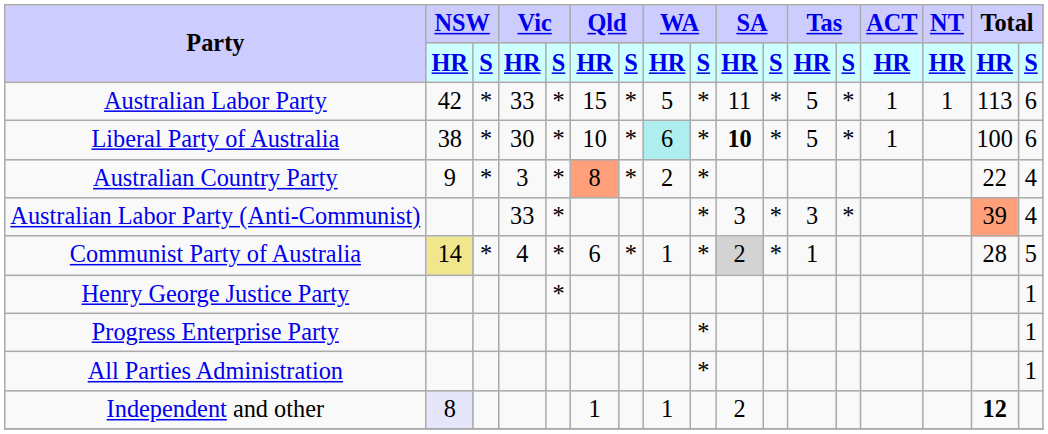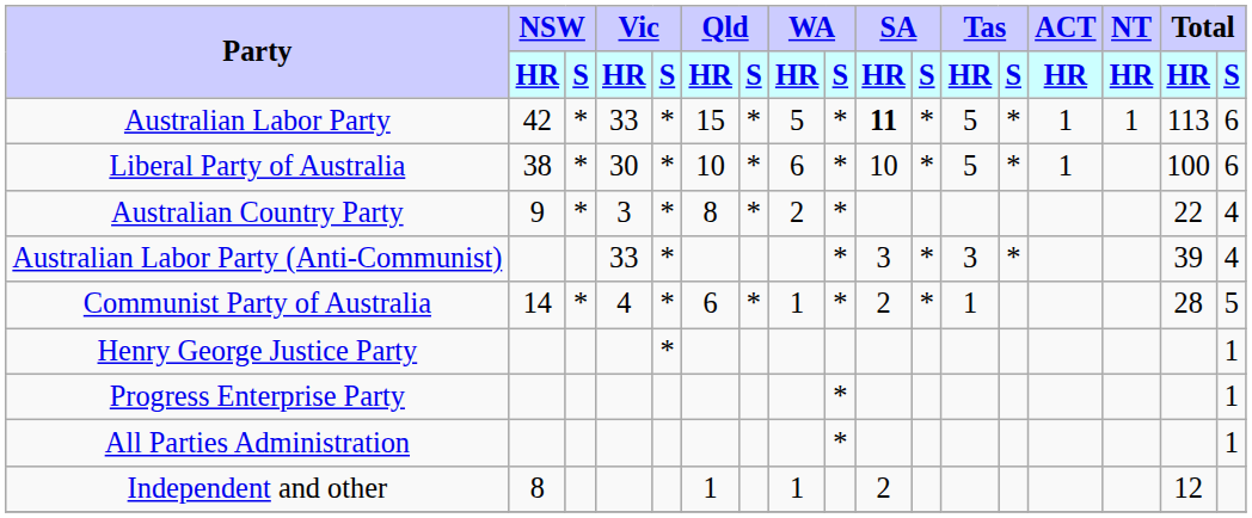 <table class="wikitable" style="text-align:center">
 <tr>
 <th rowspan="2" style="background:#ccf;">Party</th>
 <th colspan="2" style="background:#ccf;"><a href='#'>NSW</a></th>
 <th colspan="2" style="background:#ccf;"><a href='#'>Vic</a></th>
 <th colspan="2" style="background:#ccf;"><a href='#'>Qld</a></th>
 <th colspan="2" style="background:#ccf;"><a href='#'>WA</a></th>
 <th colspan="2" style="background:#ccf;"><a href='#'>SA</a></th>
 <th colspan="2" style="background:#ccf;"><a href='#'>Tas</a></th>
 <th style="background:#ccf;"><a href='#'>ACT</a></th>
 <th style="background:#ccf;"><a href='#'>NT</a></th>
 <th colspan="2" style="background:#ccf;">Total</th>
 </tr>
 <tr>
 <th style="background:#ccffff;"><a href='#'>HR</a></th>
 <th style="background:#ccffff;"><a href='#'>S</a></th>
 <th style="background:#ccffff;"><a href='#'>HR</a></th>
 <th style="background:#ccffff;"><a href='#'>S</a></th>
 <th style="background:#ccffff;"><a href='#'>HR</a></th>
 <th style="background:#ccffff;"><a href='#'>S</a></th>
 <th style="background:#ccffff;"><a href='#'>HR</a></th>
 <th style="background:#ccffff;"><a href='#'>S</a></th>
 <th style="background:#ccffff;"><a href='#'>HR</a></th>
 <th style="background:#ccffff;"><a href='#'>S</a></th>
 <th style="background:#ccffff;"><a href='#'>HR</a></th>
 <th style="background:#ccffff;"><a href='#'>S</a></th>
 <th style="background:#ccffff;"><a href='#'>HR</a></th>
 <th style="background:#ccffff;"><a href='#'>HR</a></th>
 <th style="background:#ccffff;"><a href='#'>HR</a></th>
 <th style="background:#ccffff;"><a href='#'>S</a></th>
 </tr>
 <tr>
 <td style="font-size:100%;"><a href='#'>Australian Labor Party</a></td>
 <td>42</td>
 <td>*</td>
 <td>33</td>
 <td>*</td>
 <td>15</td>
 <td>*</td>
 <td>5</td>
 <td>*</td>
-<td>11</td>
+<td><strong>11</strong></td>
 <td>*</td>
 <td>5</td>
 <td>*</td>
 <td>1</td>
 <td>1</td>
 <td>113</td>
 <td>6</td>
 </tr>
 <tr>
 <td style="font-size:100%;"><a href='#'>Liberal Party of Australia</a></td>
 <td>38</td>
 <td>*</td>
 <td>30</td>
 <td>*</td>
 <td>10</td>
 <td>*</td>
-<td style="background: paleturquoise;">6</td>
+<td>6</td>
 <td>*</td>
-<td><strong>10</strong></td>
+<td>10</td>
 <td>*</td>
 <td>5</td>
 <td>*</td>
 <td>1</td>
 <td></td>
 <td>100</td>
 <td>6</td>
 </tr>
 <tr>
 <td style="font-size:100%;"><a href='#'>Australian Country Party</a></td>
 <td>9</td>
 <td>*</td>
 <td>3</td>
 <td>*</td>
-<td style="background: lightsalmon;">8</td>
+<td>8</td>
 <td>*</td>
 <td>2</td>
 <td>*</td>
 <td></td>
 <td></td>
 <td></td>
 <td></td>
 <td></td>
 <td></td>
 <td>22</td>
 <td>4</td>
 </tr>
 <tr>
 <td style="font-size:100%;"><a href='#'>Australian Labor Party (Anti-Communist)</a></td>
 <td></td>
 <td></td>
 <td>33</td>
 <td>*</td>
 <td></td>
 <td></td>
 <td></td>
 <td>*</td>
 <td>3</td>
 <td>*</td>
 <td>3</td>
 <td>*</td>
 <td></td>
 <td></td>
-<td style="background: lightsalmon;">39</td>
+<td>39</td>
 <td>4</td>
 </tr>
 <tr>
 <td style="font-size:100%;"><a href='#'>Communist Party of Australia</a></td>
-<td style="background: khaki;">14</td>
+<td>14</td>
 <td>*</td>
 <td>4</td>
 <td>*</td>
 <td>6</td>
 <td>*</td>
 <td>1</td>
 <td>*</td>
-<td style="background: lightgrey;">2</td>
+<td>2</td>
 <td>*</td>
 <td>1</td>
 <td></td>
 <td></td>
 <td></td>
 <td>28</td>
 <td>5</td>
 </tr>
 <tr>
 <td style="font-size:100%;"><a href='#'>Henry George Justice Party</a></td>
 <td></td>
 <td></td>
 <td></td>
 <td>*</td>
 <td></td>
 <td></td>
 <td></td>
 <td></td>
 <td></td>
 <td></td>
 <td></td>
 <td></td>
 <td></td>
 <td></td>
 <td></td>
 <td>1</td>
 </tr>
 <tr>
 <td style="font-size:100%;"><a href='#'>Progress Enterprise Party</a></td>
 <td></td>
 <td></td>
 <td></td>
 <td></td>
 <td></td>
 <td></td>
 <td></td>
 <td>*</td>
 <td></td>
 <td></td>
 <td></td>
 <td></td>
 <td></td>
 <td></td>
 <td></td>
 <td>1</td>
 </tr>
 <tr>
 <td style="font-size:100%;"><a href='#'>All Parties Administration</a></td>
 <td></td>
 <td></td>
 <td></td>
 <td></td>
 <td></td>
 <td></td>
 <td></td>
 <td>*</td>
 <td></td>
 <td></td>
 <td></td>
 <td></td>
 <td></td>
 <td></td>
 <td></td>
 <td>1</td>
 </tr>
 <tr>
 <td style="font-size:100%;"><a href='#'>Independent</a> and other</td>
-<td style="background: lavender;">8</td>
+<td>8</td>
 <td></td>
 <td></td>
 <td></td>
 <td>1</td>
 <td></td>
 <td>1</td>
 <td></td>
 <td>2</td>
 <td></td>
 <td></td>
 <td></td>
 <td></td>
 <td></td>
-<td><strong>12</strong></td>
+<td>12</td>
 <td></td>
 </tr>
 <tr>
 </tr>
 </table>
